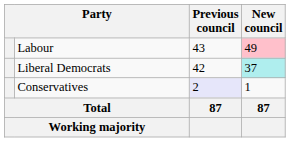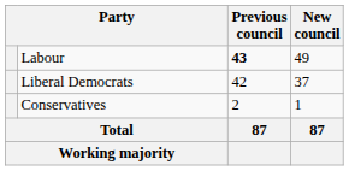 <table class="wikitable">
 <tr>
 <th valign=top colspan="2" style="width: 230px">Party</th>
 <th valign=top style="width: 30px">Previous council</th>
 <th valign=top style="width: 30px">New council</th>
 </tr>
 <tr>
 <th style="background-color: "></th>
 <td>Labour</td>
-<td>43</td>
-<td style="background: pink;">49</td>
+<td><strong>43</strong></td>
+<td>49</td>
 </tr>
 <tr>
 <th style="background-color: "></th>
 <td>Liberal Democrats</td>
 <td>42</td>
-<td style="background: paleturquoise;">37</td>
+<td>37</td>
 </tr>
 <tr>
 <th style="background-color: "></th>
 <td>Conservatives</td>
-<td style="background: lavender;">2</td>
+<td>2</td>
 <td>1</td>
 </tr>
 <tr>
 <th colspan=2>Total</th>
 <th style="text-align: center">87</th>
 <th colspan=3>87</th>
 </tr>
 <tr>
 <th colspan=2>Working majority</th>
 <th></th>
 <th></th>
 </tr>
 </table>
